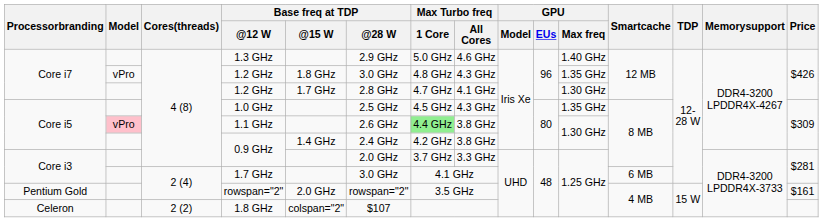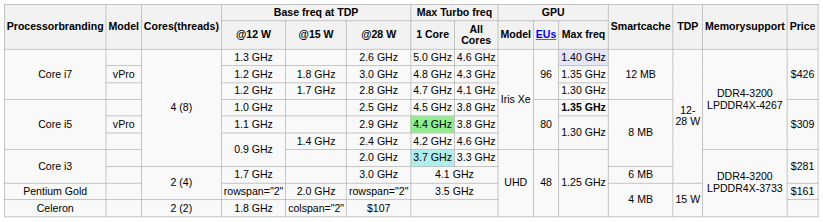 <table class="wikitable sortable" style="text-align: center;">
 <tr>
 <th rowspan="2">Processorbranding</th>
 <th rowspan="2">Model</th>
 <th rowspan="2">Cores(threads)</th>
 <th colspan="3">Base freq at TDP</th>
 <th colspan="2">Max Turbo freq</th>
 <th colspan="3">GPU</th>
 <th rowspan="2">Smartcache</th>
 <th rowspan="2">TDP</th>
 <th rowspan="2">Memorysupport</th>
 <th rowspan="2">Price</th>
 </tr>
 <tr style="line-height:110%;">
 <th>@12 W</th>
 <th>@15 W</th>
 <th>@28 W</th>
 <th>1 Core</th>
 <th>All Cores</th>
 <th>Model</th>
 <th><a href='#'>EUs</a></th>
 <th>Max freq</th>
 </tr>
 <tr>
 <td rowspan="3">Core i7</td>
 <td></td>
 <td rowspan="7">4 (8)</td>
 <td>1.3 GHz</td>
 <td></td>
-<td>2.9 GHz</td>
+<td>2.6 GHz</td>
 <td>5.0 GHz</td>
 <td>4.6 GHz</td>
 <td rowspan="6">Iris Xe</td>
 <td rowspan="3">96</td>
-<td>1.40 GHz</td>
+<td style="background: lavender;">1.40 GHz</td>
 <td rowspan="3">12 MB</td>
 <td rowspan="8">12-28 W</td>
 <td rowspan="6">DDR4-3200<br>LPDDR4X-4267</td>
 <td rowspan="3">$426</td>
 </tr>
 <tr>
 <td> vPro</td>
 <td>1.2 GHz</td>
 <td>1.8 GHz</td>
 <td>3.0 GHz</td>
 <td>4.8 GHz</td>
 <td>4.3 GHz</td>
 <td>1.35 GHz</td>
 </tr>
 <tr>
 <td></td>
 <td>1.2 GHz</td>
 <td>1.7 GHz</td>
 <td>2.8 GHz</td>
 <td>4.7 GHz</td>
 <td>4.1 GHz</td>
 <td>1.30 GHz</td>
 </tr>
 <tr>
 <td rowspan="3">Core i5</td>
 <td></td>
 <td>1.0 GHz</td>
 <td></td>
 <td>2.5 GHz</td>
 <td>4.5 GHz</td>
-<td>4.3 GHz</td>
+<td>3.8 GHz</td>
 <td rowspan="3">80</td>
-<td>1.35 GHz</td>
+<td><strong>1.35 GHz</strong></td>
 <td rowspan="4">8 MB</td>
 <td rowspan="3">$309</td>
 </tr>
 <tr>
-<td style="background: pink;"> vPro</td>
+<td> vPro</td>
 <td>1.1 GHz</td>
 <td></td>
-<td>2.6 GHz</td>
+<td>2.9 GHz</td>
 <td style="background: lightgreen;">4.4 GHz</td>
 <td>3.8 GHz</td>
 <td rowspan="2">1.30 GHz</td>
 </tr>
 <tr>
 <td></td>
 <td rowspan="2">0.9 GHz</td>
 <td>1.4 GHz</td>
 <td>2.4 GHz</td>
 <td>4.2 GHz</td>
-<td>3.8 GHz</td>
+<td>4.6 GHz</td>
 </tr>
 <tr>
 <td rowspan="2">Core i3</td>
 <td></td>
 <td></td>
 <td>2.0 GHz</td>
-<td>3.7 GHz</td>
+<td style="background: paleturquoise;">3.7 GHz</td>
 <td>3.3 GHz</td>
 <td rowspan="4">UHD</td>
 <td rowspan="4">48</td>
 <td rowspan="4">1.25 GHz</td>
 <td rowspan="4">DDR4-3200<br>LPDDR4X-3733</td>
 <td rowspan="2">$281</td>
 </tr>
 <tr>
 <td></td>
 <td rowspan="2">2 (4)</td>
 <td>1.7 GHz</td>
 <td></td>
 <td>3.0 GHz</td>
 <td colspan="2">4.1 GHz</td>
 <td>6 MB</td>
 </tr>
 <tr>
 <td>Pentium Gold</td>
 <td></td>
 <td>rowspan="2" </td>
 <td>2.0 GHz</td>
 <td>rowspan="2" </td>
 <td colspan="2">3.5 GHz</td>
 <td rowspan="2">4 MB</td>
 <td rowspan="2">15 W</td>
 <td>$161</td>
 </tr>
 <tr>
 <td>Celeron</td>
 <td></td>
 <td>2 (2)</td>
 <td>1.8 GHz</td>
 <td>colspan="2" </td>
 <td>$107</td>
 </tr>
 </table>
